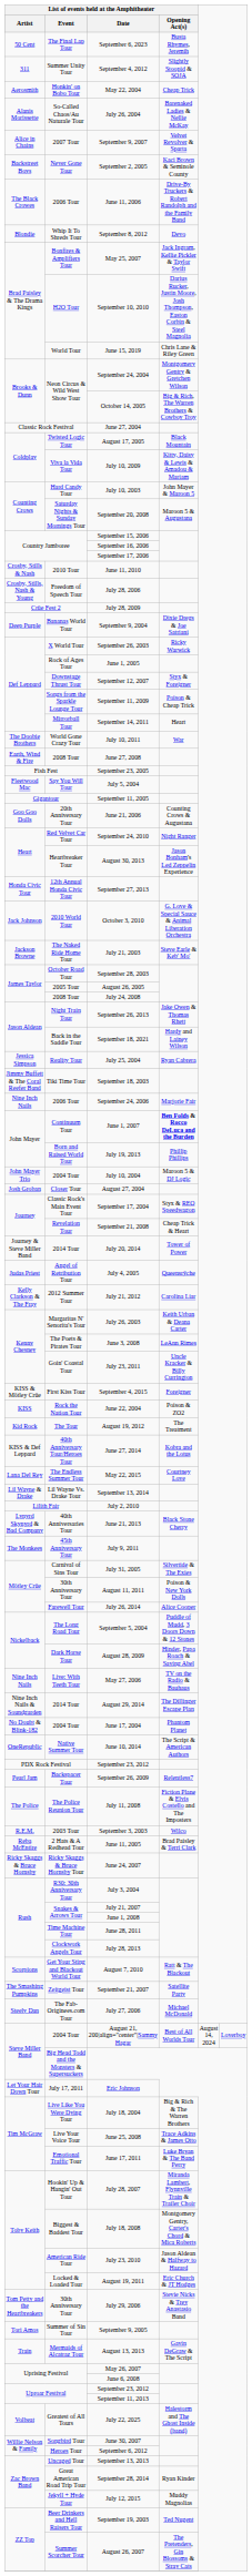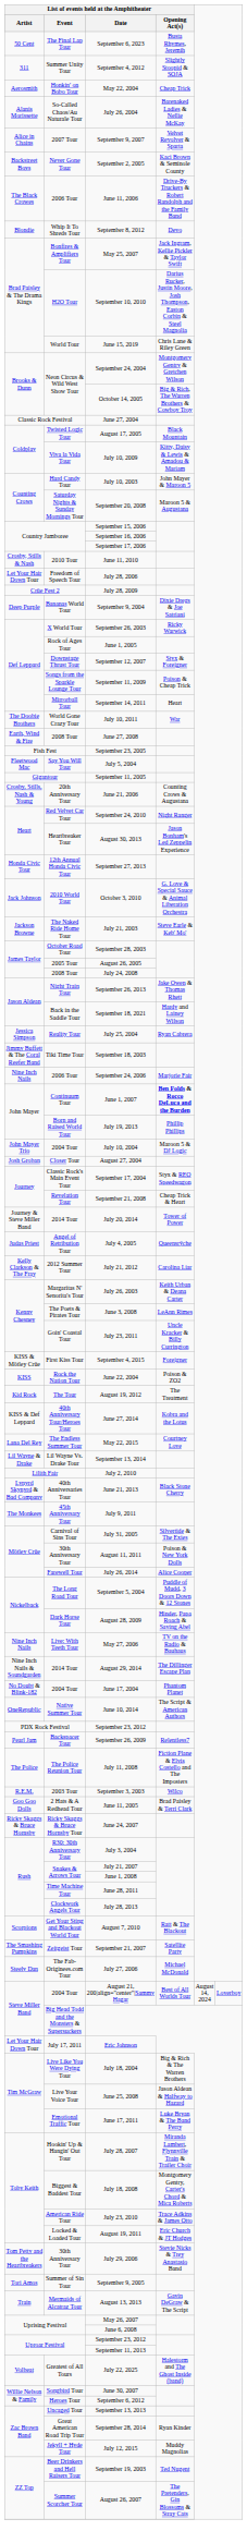 <table class="wikitable collapsible ">
 <tr>
 <th colspan="4">List of events held at the Amphitheater</th>
 </tr>
 <tr bgcolor="#CCCCCC">
 <th width="210">Artist</th>
 <th width="260">Event</th>
 <th width="130">Date</th>
 <th width="310">Opening Act(s)</th>
 </tr>
 <tr>
 <td align="center"><a href='#'>50 Cent</a></td>
 <td align="center"><a href='#'>The Final Lap Tour</a></td>
 <td align="center">September 6, 2023</td>
 <td align="center"><a href='#'>Busta Rhymes</a>, <a href='#'>Jeremih</a></td>
 </tr>
 <tr>
 <td align="center"><a href='#'>311</a></td>
 <td align="center">Summer Unity Tour</td>
 <td align="center">September 4, 2012</td>
 <td align="center"><a href='#'>Slightly Stoopid</a> & <a href='#'>SOJA</a></td>
 </tr>
 <tr>
 <td align="center"><a href='#'>Aerosmith</a></td>
 <td align="center"><a href='#'>Honkin' on Bobo Tour</a></td>
 <td align="center">May 22, 2004</td>
 <td align="center"><a href='#'>Cheap Trick</a></td>
 </tr>
 <tr>
 <td align="center"><a href='#'>Alanis Morissette</a></td>
 <td align="center">So-Called Chaos/Au Naturale Tour</td>
 <td align="center">July 26, 2004</td>
 <td align="center"><a href='#'>Barenaked Ladies</a> & <a href='#'>Nellie McKay</a></td>
 </tr>
 <tr>
 <td align="center"><a href='#'>Alice in Chains</a></td>
 <td align="center">2007 Tour</td>
 <td align="center">September 9, 2007</td>
 <td align="center"><a href='#'>Velvet Revolver</a> & <a href='#'>Sparta</a></td>
 </tr>
 <tr>
 <td align="center"><a href='#'>Backstreet Boys</a></td>
 <td align="center"><a href='#'>Never Gone Tour</a></td>
 <td align="center">September 2, 2005</td>
 <td align="center"><a href='#'>Kaci Brown</a> & Seminole County</td>
 </tr>
 <tr>
 <td align="center"><a href='#'>The Black Crowes</a></td>
 <td align="center">2006 Tour</td>
 <td align="center">June 11, 2006</td>
 <td align="center"><a href='#'>Drive-By Truckers</a> & <a href='#'>Robert Randolph and the Family Band</a></td>
 </tr>
 <tr>
 <td align="center"><a href='#'>Blondie</a></td>
 <td align="center">Whip It To Shreds Tour</td>
 <td align="center">September 8, 2012</td>
 <td align="center"><a href='#'>Devo</a></td>
 </tr>
 <tr>
 <td align="center" rowspan="3"><a href='#'>Brad Paisley</a> & The Drama Kings</td>
 <td align="center"><a href='#'>Bonfires & Amplifiers Tour</a></td>
 <td align="center">May 25, 2007</td>
 <td align="center"><a href='#'>Jack Ingram</a>, <a href='#'>Kellie Pickler</a> & <a href='#'>Taylor Swift</a></td>
 </tr>
 <tr>
 <td align="center"><a href='#'>H2O Tour</a></td>
 <td align="center">September 10, 2010</td>
 <td align="center"><a href='#'>Darius Rucker</a>, <a href='#'>Justin Moore</a>, <a href='#'>Josh Thompson</a>, <a href='#'>Easton Corbin</a> & <a href='#'>Steel Magnolia</a></td>
 </tr>
 <tr>
 <td align="center">World Tour</td>
 <td align="center">June 15, 2019</td>
 <td align="center">Chris Lane & Riley Green</td>
 </tr>
 <tr>
 <td align="center" rowspan="2"><a href='#'>Brooks & Dunn</a></td>
 <td align="center" rowspan="2">Neon Circus & Wild West Show Tour</td>
 <td align="center">September 24, 2004</td>
 <td align="center"><a href='#'>Montgomery Gentry</a> & <a href='#'>Gretchen Wilson</a></td>
 </tr>
 <tr>
 <td align="center">October 14, 2005</td>
 <td align="center"><a href='#'>Big & Rich</a>, <a href='#'>The Warren Brothers</a> & <a href='#'>Cowboy Troy</a></td>
 </tr>
 <tr>
 <td colspan="2" align="center">Classic Rock Festival</td>
 <td align="center">June 27, 2004</td>
 <td align="center"></td>
 </tr>
 <tr>
 <td align="center" rowspan="2"><a href='#'>Coldplay</a></td>
 <td align="center"><a href='#'>Twisted Logic Tour</a></td>
 <td align="center">August 17, 2005</td>
 <td align="center"><a href='#'>Black Mountain</a></td>
 </tr>
 <tr>
 <td align="center"><a href='#'>Viva la Vida Tour</a></td>
 <td align="center">July 10, 2009</td>
 <td align="center"><a href='#'>Kitty, Daisy & Lewis</a> & <a href='#'>Amadou & Mariam</a></td>
 </tr>
 <tr>
 <td align="center" rowspan="2"><a href='#'>Counting Crows</a></td>
 <td align="center"><a href='#'>Hard Candy</a> Tour</td>
 <td align="center">July 10, 2003</td>
 <td align="center">John Mayer & <a href='#'>Maroon 5</a></td>
 </tr>
 <tr>
 <td align="center"><a href='#'>Saturday Nights & Sunday Mornings</a> Tour</td>
 <td align="center">September 20, 2008</td>
 <td align="center">Maroon 5 & <a href='#'>Augustana</a></td>
 </tr>
 <tr>
 <td colspan="2" rowspan="3" align="center">Country Jamboree</td>
 <td align="center">September 15, 2006</td>
 <td align="center" rowspan="3"></td>
 </tr>
 <tr>
 <td align="center">September 16, 2006</td>
 </tr>
 <tr>
 <td align="center">September 17, 2006</td>
 </tr>
 <tr>
 <td align="center"><a href='#'>Crosby, Stills & Nash</a></td>
 <td align="center">2010 Tour</td>
 <td align="center">June 11, 2010</td>
 <td align="center"></td>
 </tr>
 <tr>
-<td align="center"><a href='#'>Crosby, Stills, Nash & Young</a></td>
+<td align="center"><a href='#'>Let Your Hair Down</a> Tour</td>
 <td align="center">Freedom of Speech Tour</td>
 <td align="center">July 28, 2006</td>
 <td align="center"></td>
 </tr>
 <tr>
 <td colspan="2" align="center"><a href='#'>Crüe Fest 2</a></td>
 <td align="center">July 28, 2009</td>
 <td align="center"></td>
 </tr>
 <tr>
 <td align="center"><a href='#'>Deep Purple</a></td>
 <td align="center"><a href='#'>Bananas</a> World Tour</td>
 <td align="center">September 9, 2004</td>
 <td align="center"><a href='#'>Dixie Dregs</a> & <a href='#'>Joe Satriani</a></td>
 </tr>
 <tr>
 <td align="center" rowspan="5"><a href='#'>Def Leppard</a></td>
 <td align="center"><a href='#'>X</a> World Tour</td>
 <td align="center">September 26, 2003</td>
 <td align="center"><a href='#'>Ricky Warwick</a></td>
 </tr>
 <tr>
 <td align="center">Rock of Ages Tour</td>
 <td align="center">June 1, 2005</td>
 <td align="center"></td>
 </tr>
 <tr>
 <td align="center"><a href='#'>Downstage Thrust Tour</a></td>
 <td align="center">September 12, 2007</td>
 <td align="center"><a href='#'>Styx</a> & <a href='#'>Foreigner</a></td>
 </tr>
 <tr>
 <td align="center"><a href='#'>Songs from the Sparkle Lounge Tour</a></td>
 <td align="center">September 11, 2009</td>
 <td align="center"><a href='#'>Poison</a> & Cheap Trick</td>
 </tr>
 <tr>
 <td align="center"><a href='#'>Mirrorball Tour</a></td>
 <td align="center">September 14, 2011</td>
 <td align="center">Heart</td>
 </tr>
 <tr>
 <td align="center"><a href='#'>The Doobie Brothers</a></td>
 <td align="center">World Gone Crazy Tour</td>
 <td align="center">July 10, 2011</td>
 <td align="center"><a href='#'>War</a></td>
 </tr>
 <tr>
 <td align="center"><a href='#'>Earth, Wind & Fire</a></td>
 <td align="center">2008 Tour</td>
 <td align="center">June 27, 2008</td>
 <td align="center"></td>
 </tr>
 <tr>
 <td colspan="2" align="center">Fish Fest</td>
 <td align="center">September 23, 2005</td>
 <td align="center"></td>
 </tr>
 <tr>
 <td align="center"><a href='#'>Fleetwood Mac</a></td>
 <td align="center"><a href='#'>Say You Will Tour</a></td>
 <td align="center">July 5, 2004</td>
 <td align="center"></td>
 </tr>
 <tr>
 <td colspan="2" align="center"><a href='#'>Gigantour</a></td>
 <td align="center">September 11, 2005</td>
 <td align="center"></td>
 </tr>
 <tr>
-<td align="center"><a href='#'>Goo Goo Dolls</a></td>
+<td align="center"><a href='#'>Crosby, Stills, Nash & Young</a></td>
 <td align="center">20th Anniversary Tour</td>
 <td align="center">June 21, 2006</td>
 <td align="center">Counting Crows & Augustana</td>
 </tr>
 <tr>
 <td align="center" rowspan="2"><a href='#'>Heart</a></td>
 <td align="center"><a href='#'>Red Velvet Car</a> Tour</td>
 <td align="center">September 24, 2010</td>
 <td align="center"><a href='#'>Night Ranger</a></td>
 </tr>
 <tr>
 <td align="center">Heartbreaker Tour</td>
 <td align="center">August 30, 2013</td>
 <td align="center"><a href='#'>Jason Bonham</a>'s <a href='#'>Led Zeppelin</a> Experience</td>
 </tr>
 <tr>
 <td align="center"><a href='#'>Honda Civic Tour</a></td>
 <td align="center"><a href='#'>12th Annual Honda Civic Tour</a></td>
 <td align="center">September 27, 2013</td>
 <td align="center"></td>
 </tr>
 <tr>
 <td align="center"><a href='#'>Jack Johnson</a></td>
 <td align="center"><a href='#'>2010 World Tour</a></td>
 <td align="center">October 3, 2010</td>
 <td align="center"><a href='#'>G. Love & Special Sauce</a> & <a href='#'>Animal Liberation Orchestra</a></td>
 </tr>
 <tr>
 <td align="center"><a href='#'>Jackson Browne</a></td>
 <td align="center"><a href='#'>The Naked Ride Home</a> Tour</td>
 <td align="center">July 21, 2003</td>
 <td align="center"><a href='#'>Steve Earle</a> & <a href='#'>Keb' Mo'</a></td>
 </tr>
 <tr>
 <td align="center" rowspan="3"><a href='#'>James Taylor</a></td>
 <td align="center"><a href='#'>October Road</a> Tour</td>
 <td align="center">September 28, 2003</td>
 <td align="center" rowspan="3"></td>
 </tr>
 <tr>
 <td align="center">2005 Tour</td>
 <td align="center">August 26, 2005</td>
 </tr>
 <tr>
 <td align="center">2008 Tour</td>
 <td align="center">July 24, 2008</td>
 </tr>
 <tr>
 <td rowspan="2" align="center"><a href='#'>Jason Aldean</a></td>
 <td align="center"><a href='#'>Night Train Tour</a></td>
 <td align="center">September 26, 2013</td>
 <td align="center"><a href='#'>Jake Owen</a> & <a href='#'>Thomas Rhett</a></td>
 </tr>
 <tr>
 <td align="center">Back in the Saddle Tour</td>
 <td align="center">September 18, 2021</td>
 <td align="center"><a href='#'>Hardy</a> and <a href='#'>Lainey Wilson</a></td>
 </tr>
 <tr>
 <td align="center"><a href='#'>Jessica Simpson</a></td>
 <td align="center"><a href='#'>Reality Tour</a></td>
 <td align="center">July 25, 2004</td>
 <td align="center"><a href='#'>Ryan Cabrera</a></td>
 </tr>
 <tr>
 <td align="center"><a href='#'>Jimmy Buffett</a> & The <a href='#'>Coral Reefer Band</a></td>
 <td align="center">Tiki Time Tour</td>
 <td align="center">September 18, 2003</td>
 <td align="center"></td>
 </tr>
 <tr>
 <td align="center"><a href='#'>Nine Inch Nails</a></td>
 <td align="center">2006 Tour</td>
 <td align="center">September 24, 2006</td>
 <td align="center"><a href='#'>Marjorie Fair</a></td>
 </tr>
 <tr>
 <td align="center" rowspan="2">John Mayer</td>
 <td align="center"><a href='#'>Continuum</a> Tour</td>
 <td align="center">June 1, 2007</td>
 <td align="center"><strong><a href='#'>Ben Folds</a> & <a href='#'>Rocco DeLuca and the Burden</a></strong></td>
 </tr>
 <tr>
 <td align="center"><a href='#'>Born and Raised World Tour</a></td>
 <td align="center">July 19, 2013</td>
 <td align="center"><a href='#'>Phillip Phillips</a></td>
 </tr>
 <tr>
 <td align="center"><a href='#'>John Mayer Trio</a></td>
 <td align="center">2004 Tour</td>
 <td align="center">July 10, 2004</td>
 <td align="center">Maroon 5 & <a href='#'>DJ Logic</a></td>
 </tr>
 <tr>
 <td align="center"><a href='#'>Josh Groban</a></td>
 <td align="center"><a href='#'>Closer</a> Tour</td>
 <td align="center">August 27, 2004</td>
 <td align="center"></td>
 </tr>
 <tr>
 <td align="center" rowspan="2"><a href='#'>Journey</a></td>
 <td align="center">Classic Rock's Main Event Tour</td>
 <td align="center">September 17, 2004</td>
 <td align="center">Styx & <a href='#'>REO Speedwagon</a></td>
 </tr>
 <tr>
 <td align="center"><a href='#'>Revelation Tour</a></td>
 <td align="center">September 21, 2008</td>
 <td align="center">Cheap Trick & Heart</td>
 </tr>
 <tr>
 <td align="center">Journey & Steve Miller Band</td>
 <td align="center">2014 Tour</td>
 <td align="center">July 20, 2014</td>
 <td align="center"><a href='#'>Tower of Power</a></td>
 </tr>
 <tr>
 <td align="center"><a href='#'>Judas Priest</a></td>
 <td align="center"><a href='#'>Angel of Retribution</a> Tour</td>
 <td align="center">July 4, 2005</td>
 <td align="center"><a href='#'>Queensrÿche</a></td>
 </tr>
 <tr>
 <td align="center"><a href='#'>Kelly Clarkson</a> & <a href='#'>The Fray</a></td>
 <td align="center">2012 Summer Tour</td>
 <td align="center">July 21, 2012</td>
 <td align="center"><a href='#'>Carolina Liar</a></td>
 </tr>
 <tr>
 <td align="center" rowspan="3"><a href='#'>Kenny Chesney</a></td>
 <td align="center">Margaritas N' Senorita's Tour</td>
 <td align="center">July 26, 2003</td>
 <td align="center"><a href='#'>Keith Urban</a> & <a href='#'>Deana Carter</a></td>
 </tr>
 <tr>
 <td align="center">The Poets & Pirates Tour</td>
 <td align="center">June 3, 2008</td>
 <td align="center"><a href='#'>LeAnn Rimes</a></td>
 </tr>
 <tr>
 <td align="center">Goin' Coastal Tour</td>
 <td align="center">July 23, 2011</td>
 <td align="center"><a href='#'>Uncle Kracker</a> & <a href='#'>Billy Currington</a></td>
 </tr>
 <tr>
 <td align="center">KISS & Mötley Crüe</td>
 <td align="center">First Kiss Tour</td>
 <td align="center">September 4, 2015</td>
 <td align="center"><a href='#'>Foreigner</a></td>
 </tr>
 <tr>
 <td align="center"><a href='#'>KISS</a></td>
 <td align="center"><a href='#'>Rock the Nation Tour</a></td>
 <td align="center">June 22, 2004</td>
 <td align="center">Poison & ZO2</td>
 </tr>
 <tr>
 <td align="center"><a href='#'>Kid Rock</a></td>
 <td align="center"><a href='#'>The Tour</a></td>
 <td align="center">August 19, 2012</td>
 <td align="center">The Treatment</td>
 </tr>
 <tr>
 <td align="center">KISS & Def Leppard</td>
 <td align="center"><a href='#'>40th Anniversary Tour/Heroes Tour</a></td>
 <td align="center">June 27, 2014</td>
 <td align="center"><a href='#'>Kobra and the Lotus</a></td>
 </tr>
 <tr>
 <td align="center"><a href='#'>Lana Del Rey</a></td>
 <td align="center"><a href='#'>The Endless Summer Tour</a></td>
 <td align="center">May 22, 2015</td>
 <td align="center"><a href='#'>Courtney Love</a></td>
 </tr>
 <tr>
 <td align="center"><a href='#'>Lil Wayne</a> & <a href='#'>Drake</a></td>
 <td align="center">Lil Wayne Vs. Drake Tour</td>
 <td align="center">September 13, 2014</td>
 <td align="center"></td>
 </tr>
 <tr>
 <td colspan="2" align="center"><a href='#'>Lilith Fair</a></td>
 <td align="center">July 2, 2010</td>
 <td align="center"></td>
 </tr>
 <tr>
 <td align="center"><a href='#'>Lynyrd Skynyrd</a> & <a href='#'>Bad Company</a></td>
 <td align="center">40th Anniversaries Tour</td>
 <td align="center">June 21, 2013</td>
 <td align="center"><a href='#'>Black Stone Cherry</a></td>
 </tr>
 <tr>
 <td align="center"><a href='#'>The Monkees</a></td>
 <td align="center"><a href='#'>45th Anniversary Tour</a></td>
 <td align="center">July 9, 2011</td>
 <td align="center"></td>
 </tr>
 <tr>
 <td align="center" rowspan="3"><a href='#'>Mötley Crüe</a></td>
 <td align="center">Carnival of Sins Tour</td>
 <td align="center">July 31, 2005</td>
 <td align="center"><a href='#'>Silvertide</a> & <a href='#'>The Exies</a></td>
 </tr>
 <tr>
 <td align="center">30th Anniversary Tour</td>
 <td align="center">August 11, 2011</td>
 <td align="center">Poison & <a href='#'>New York Dolls</a></td>
 </tr>
 <tr>
 <td align="center"><a href='#'>Farewell Tour</a></td>
 <td align="center">July 26, 2014</td>
 <td align="center"><a href='#'>Alice Cooper</a></td>
 </tr>
 <tr>
 <td align="center" rowspan="2"><a href='#'>Nickelback</a></td>
 <td align="center"><a href='#'>The Long Road Tour</a></td>
 <td align="center">September 5, 2004</td>
 <td align="center"><a href='#'>Puddle of Mudd</a>, <a href='#'>3 Doors Down</a> & <a href='#'>12 Stones</a></td>
 </tr>
 <tr>
 <td align="center"><a href='#'>Dark Horse Tour</a></td>
 <td align="center">August 28, 2009</td>
 <td align="center"><a href='#'>Hinder</a>, <a href='#'>Papa Roach</a> & <a href='#'>Saving Abel</a></td>
 </tr>
 <tr>
 <td align="center"><a href='#'>Nine Inch Nails</a></td>
 <td align="center"><a href='#'>Live: With Teeth Tour</a></td>
 <td align="center">May 27, 2006</td>
 <td align="center"><a href='#'>TV on the Radio</a> & <a href='#'>Bauhaus</a></td>
 </tr>
 <tr>
 <td align="center">Nine Inch Nails & <a href='#'>Soundgarden</a></td>
 <td align="center">2014 Tour</td>
 <td align="center">August 29, 2014</td>
 <td align="center"><a href='#'>The Dillinger Escape Plan</a></td>
 </tr>
 <tr>
 <td align="center"><a href='#'>No Doubt</a> & <a href='#'>Blink-182</a></td>
 <td align="center">2004 Tour</td>
 <td align="center">June 17, 2004</td>
 <td align="center"><a href='#'>Phantom Planet</a></td>
 </tr>
 <tr>
 <td align="center"><a href='#'>OneRepublic</a></td>
 <td align="center"><a href='#'>Native Summer Tour</a></td>
 <td align="center">June 10, 2014</td>
 <td align="center">The Script & <a href='#'>American Authors</a></td>
 </tr>
 <tr>
 <td colspan="2" align="center">PDX Rock Festival</td>
 <td align="center">September 23, 2012</td>
 <td align="center"></td>
 </tr>
 <tr>
 <td align="center"><a href='#'>Pearl Jam</a></td>
 <td align="center"><a href='#'>Backspacer Tour</a></td>
 <td align="center">September 26, 2009</td>
 <td align="center"><a href='#'>Relentless7</a></td>
 </tr>
 <tr>
 <td align="center"><a href='#'>The Police</a></td>
 <td align="center"><a href='#'>The Police Reunion Tour</a></td>
 <td align="center">July 11, 2008</td>
 <td align="center"><a href='#'>Fiction Plane</a> & <a href='#'>Elvis Costello</a> and The Imposters</td>
 </tr>
 <tr>
 <td align="center"><a href='#'>R.E.M.</a></td>
 <td align="center">2003 Tour</td>
 <td align="center">September 3, 2003</td>
 <td align="center"><a href='#'>Wilco</a></td>
 </tr>
 <tr>
-<td align="center"><a href='#'>Reba McEntire</a></td>
+<td align="center"><a href='#'>Goo Goo Dolls</a></td>
 <td align="center">2 Hats & A Redhead Tour</td>
 <td align="center">June 11, 2005</td>
 <td align="center">Brad Paisley & <a href='#'>Terri Clark</a></td>
 </tr>
 <tr>
 <td align="center"><a href='#'>Ricky Skaggs</a> & <a href='#'>Bruce Hornsby</a></td>
 <td align="center"><a href='#'>Ricky Skaggs & Bruce Hornsby</a> Tour</td>
 <td align="center">June 24, 2007</td>
 <td align="center"></td>
 </tr>
 <tr>
 <td align="center" rowspan="5"><a href='#'>Rush</a></td>
 <td align="center"><a href='#'>R30: 30th Anniversary Tour</a></td>
 <td align="center">July 3, 2004</td>
 <td align="center" rowspan="5"></td>
 </tr>
 <tr>
 <td align="center" rowspan="2"><a href='#'>Snakes & Arrows Tour</a></td>
 <td align="center">July 21, 2007</td>
 </tr>
 <tr>
 <td align="center">June 1, 2008</td>
 </tr>
 <tr>
 <td align="center"><a href='#'>Time Machine Tour</a></td>
 <td align="center">June 28, 2011</td>
 </tr>
 <tr>
 <td align="center"><a href='#'>Clockwork Angels Tour</a></td>
 <td align="center">July 28, 2013</td>
 </tr>
 <tr>
 <td align="center"><a href='#'>Scorpions</a></td>
 <td align="center"><a href='#'>Get Your Sting and Blackout World Tour</a></td>
 <td align="center">August 7, 2010</td>
 <td align="center"><a href='#'>Ratt</a> & <a href='#'>The Blackout</a></td>
 </tr>
 <tr>
 <td align="center"><a href='#'>The Smashing Pumpkins</a></td>
 <td align="center"><a href='#'>Zeitgeist</a> Tour</td>
 <td align="center">September 21, 2007</td>
 <td align="center"><a href='#'>Satellite Party</a></td>
 </tr>
 <tr>
 <td align="center"><a href='#'>Steely Dan</a></td>
 <td align="center">The Fab-Originees.com Tour</td>
 <td align="center">July 27, 2006</td>
 <td align="center"><a href='#'>Michael McDonald</a></td>
 </tr>
 <tr>
 <td align="center" rowspan="2"><a href='#'>Steve Miller Band</a></td>
 <td align="center">2004 Tour</td>
 <td align="center">August 21, 200|align="center"|<a href='#'>Sammy Hagar</a></td>
 <td align="center"><a href='#'>Best of All Worlds Tour</a></td>
 <td align="center">August 14, 2024</td>
 <td align="center"><a href='#'>Loverboy</a></td>
 </tr>
 <tr 4>
 <td align="center"><a href='#'>Big Head Todd and the Monsters</a> & <a href='#'>Supersuckers</a></td>
 </tr>
 <tr>
 <td align="center"><a href='#'>Let Your Hair Down</a> Tour</td>
 <td align="center">July 17, 2011</td>
 <td align="center"><a href='#'>Eric Johnson</a></td>
 </tr>
 <tr>
 <td align="center" rowspan="3"><a href='#'>Tim McGraw</a></td>
 <td align="center"><a href='#'>Live Like You Were Dying</a> Tour</td>
 <td align="center">July 18, 2004</td>
 <td align="center">Big & Rich & The Warren Brothers</td>
 </tr>
 <tr>
 <td align="center">Live Your Voice Tour</td>
 <td align="center">June 25, 2008</td>
-<td align="center"><a href='#'>Trace Adkins</a> & <a href='#'>James Otto</a></td>
+<td align="center">Jason Aldean & <a href='#'>Halfway to Hazard</a></td>
 </tr>
 <tr>
 <td align="center"><a href='#'>Emotional Traffic</a> Tour</td>
 <td align="center">June 17, 2011</td>
 <td align="center"><a href='#'>Luke Bryan</a> & <a href='#'>The Band Perry</a></td>
 </tr>
 <tr>
 <td align="center" rowspan="4"><a href='#'>Toby Keith</a></td>
 <td align="center">Hookin' Up & Hangin' Out Tour</td>
 <td align="center">July 28, 2007</td>
 <td align="center"><a href='#'>Miranda Lambert</a>, <a href='#'>Flynnville Train</a> & <a href='#'>Trailer Choir</a></td>
 </tr>
 <tr>
 <td align="center">Biggest & Baddest Tour</td>
 <td align="center">July 18, 2008</td>
 <td align="center">Montgomery Gentry, <a href='#'>Carter's Chord</a> & <a href='#'>Mica Roberts</a></td>
 </tr>
 <tr>
 <td align="center"><a href='#'>American Ride</a> Tour</td>
 <td align="center">July 23, 2010</td>
-<td align="center">Jason Aldean & <a href='#'>Halfway to Hazard</a></td>
+<td align="center"><a href='#'>Trace Adkins</a> & <a href='#'>James Otto</a></td>
 </tr>
 <tr>
 <td align="center">Locked & Loaded Tour</td>
 <td align="center">August 19, 2011</td>
 <td align="center"><a href='#'>Eric Church</a> & <a href='#'>JT Hodges</a></td>
 </tr>
 <tr>
 <td align="center"><a href='#'>Tom Petty and the Heartbreakers</a></td>
 <td align="center">30th Anniversary Tour</td>
 <td align="center">July 29, 2006</td>
 <td align="center"><a href='#'>Stevie Nicks</a> & <a href='#'>Trey Anastasio</a> Band</td>
 </tr>
 <tr>
 <td align="center"><a href='#'>Tori Amos</a></td>
 <td align="center">Summer of Sin Tour</td>
 <td align="center">September 9, 2005</td>
 <td align="center"></td>
 </tr>
 <tr>
 <td align="center"><a href='#'>Train</a></td>
 <td align="center"><a href='#'>Mermaids of Alcatraz Tour</a></td>
 <td align="center">August 13, 2013</td>
 <td align="center"><a href='#'>Gavin DeGraw</a> & The Script</td>
 </tr>
 <tr>
 <td colspan="2" rowspan="2" align="center">Uprising Festival</td>
 <td align="center">May 26, 2007</td>
 <td align="center" rowspan="2"></td>
 </tr>
 <tr>
 <td align="center">June 6, 2008</td>
 </tr>
 <tr>
 <td colspan="2" rowspan="2" align="center"><a href='#'>Uproar Festival</a></td>
 <td align="center">September 23, 2012</td>
 <td align="center" rowspan="2"></td>
 </tr>
 <tr>
 <td align="center">September 11, 2013</td>
 </tr>
 <tr>
 <td align="center"><a href='#'>Volbeat</a></td>
 <td align="center">Greatest of All Tours</td>
 <td align="center">July 22, 2025</td>
 <td align="center"><a href='#'>Halestorm</a> and <a href='#'>The Ghost Inside (band)</a></td>
 </tr>
 <tr>
 <td align="center" rowspan="2"><a href='#'>Willie Nelson</a> & <a href='#'>Family</a></td>
 <td align="center"><a href='#'>Songbird</a> Tour</td>
 <td align="center">June 30, 2007</td>
 <td align="center" rowspan="2"></td>
 </tr>
 <tr>
 <td align="center"><a href='#'>Heroes</a> Tour</td>
 <td align="center">September 6, 2012</td>
 </tr>
 <tr>
 <td align="center" rowspan="3"><a href='#'>Zac Brown Band</a></td>
 <td align="center"><a href='#'>Uncaged</a> Tour</td>
 <td align="center">September 13, 2013</td>
 <td align="center"></td>
 </tr>
 <tr>
 <td align="center">Great American Road Trip Tour</td>
 <td align="center">September 28, 2014</td>
 <td align="center">Ryan Kinder</td>
 </tr>
 <tr>
 <td align="center"><a href='#'>Jekyll + Hyde Tour</a></td>
 <td align="center">July 12, 2015</td>
 <td align="center">Muddy Magnolias</td>
 </tr>
 <tr>
 <td align="center" rowspan="2"><a href='#'>ZZ Top</a></td>
 <td align="center"><a href='#'>Beer Drinkers and Hell Raisers Tour</a></td>
 <td align="center">September 19, 2003</td>
 <td align="center"><a href='#'>Ted Nugent</a></td>
 </tr>
 <tr>
 <td align="center"><a href='#'>Summer Scorcher Tour</a></td>
 <td align="center">August 26, 2007</td>
 <td align="center"><a href='#'>The Pretenders</a>, <a href='#'>Gin Blossoms</a> & <a href='#'>Stray Cats</a></td>
 </tr>
 <tr>
 </tr>
 </table>
